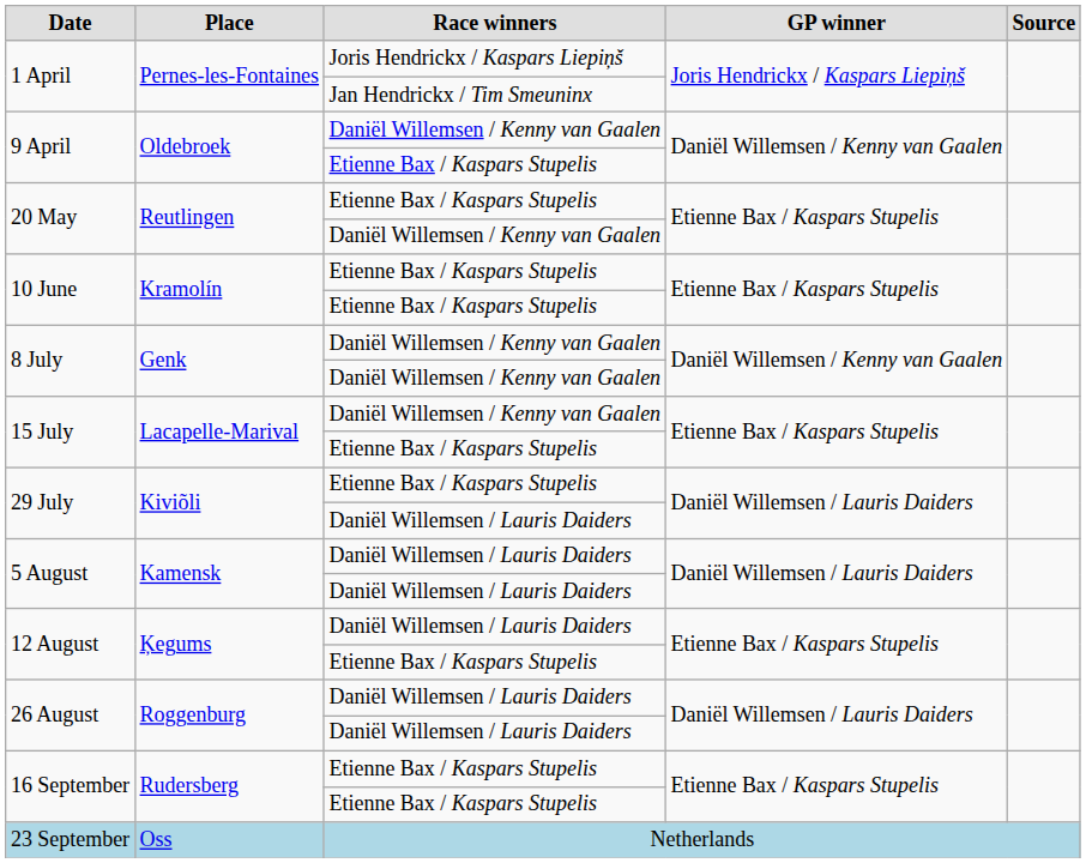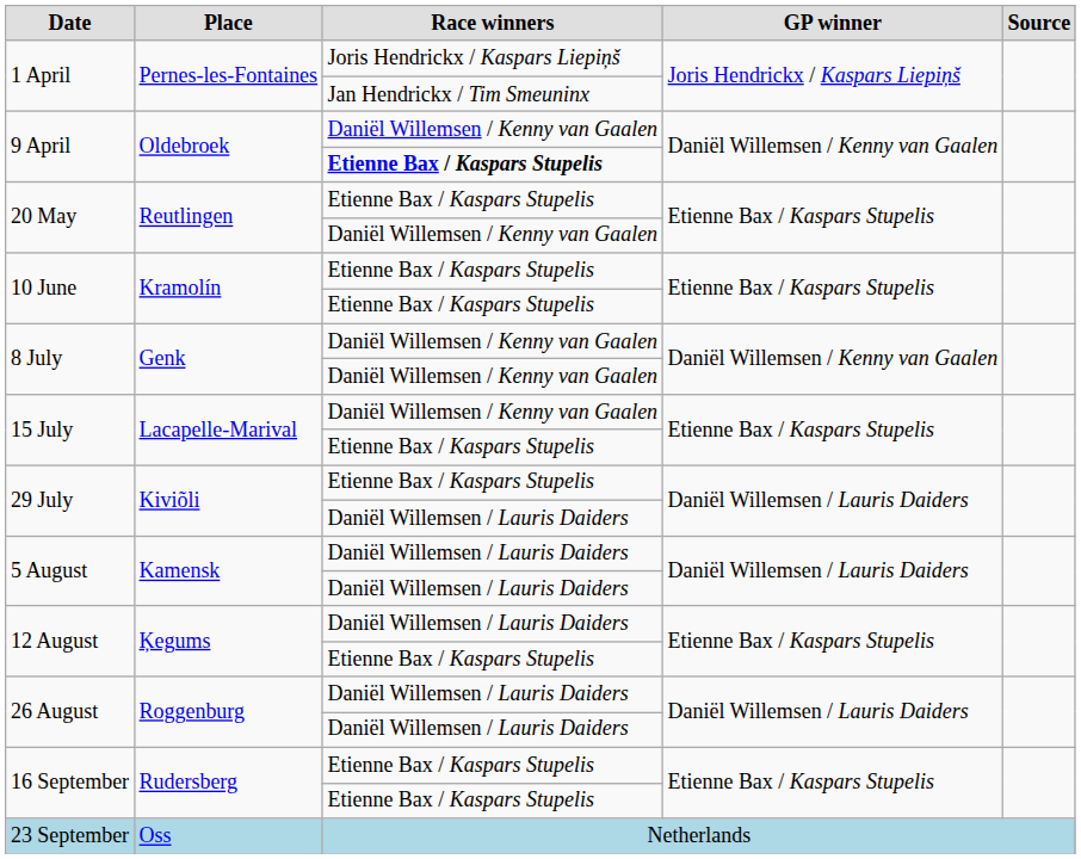 <table class="wikitable" style="font-size: 85%;">
 <tr align="center" style="background:#dfdfdf;">
 <td><strong>Date</strong></td>
 <td><strong>Place</strong></td>
 <td><strong>Race winners</strong></td>
 <td><strong>GP winner</strong></td>
 <td><strong>Source</strong></td>
 </tr>
 <tr>
 <td rowspan=2>1 April</td>
 <td rowspan=2> <a href='#'>Pernes-les-Fontaines</a></td>
 <td> Joris Hendrickx / <em>Kaspars Liepiņš</em></td>
 <td rowspan=2> <a href='#'>Joris Hendrickx</a> / <em><a href='#'>Kaspars Liepiņš</a></em></td>
 <td rowspan=2></td>
 </tr>
 <tr>
 <td> Jan Hendrickx / <em>Tim Smeuninx</em></td>
 </tr>
 <tr>
 <td rowspan=2>9 April</td>
 <td rowspan=2> <a href='#'>Oldebroek</a></td>
 <td> <a href='#'>Daniël Willemsen</a> / <em>Kenny van Gaalen</em></td>
 <td rowspan=2> Daniël Willemsen / <em>Kenny van Gaalen</em></td>
 <td rowspan=2></td>
 </tr>
 <tr>
-<td> <a href='#'>Etienne Bax</a> / <em>Kaspars Stupelis</em></td>
+<td><strong> <a href='#'>Etienne Bax</a> / <em>Kaspars Stupelis</em></strong></td>
 </tr>
 <tr>
 <td rowspan=2>20 May</td>
 <td rowspan=2> <a href='#'>Reutlingen</a></td>
 <td> Etienne Bax / <em>Kaspars Stupelis</em></td>
 <td rowspan=2> Etienne Bax / <em>Kaspars Stupelis</em></td>
 <td rowspan=2></td>
 </tr>
 <tr>
 <td> Daniël Willemsen / <em>Kenny van Gaalen</em></td>
 </tr>
 <tr>
 <td rowspan=2>10 June</td>
 <td rowspan=2> <a href='#'>Kramolín</a></td>
 <td> Etienne Bax / <em>Kaspars Stupelis</em></td>
 <td rowspan=2> Etienne Bax / <em>Kaspars Stupelis</em></td>
 <td rowspan=2></td>
 </tr>
 <tr>
 <td> Etienne Bax / <em>Kaspars Stupelis</em></td>
 </tr>
 <tr>
 <td rowspan=2>8 July</td>
 <td rowspan=2> <a href='#'>Genk</a></td>
 <td> Daniël Willemsen / <em>Kenny van Gaalen</em></td>
 <td rowspan=2> Daniël Willemsen / <em>Kenny van Gaalen</em></td>
 <td rowspan=2></td>
 </tr>
 <tr>
 <td> Daniël Willemsen / <em>Kenny van Gaalen</em></td>
 </tr>
 <tr>
 <td rowspan=2>15 July</td>
 <td rowspan=2> <a href='#'>Lacapelle-Marival</a></td>
 <td> Daniël Willemsen / <em>Kenny van Gaalen</em></td>
 <td rowspan=2> Etienne Bax / <em>Kaspars Stupelis</em></td>
 <td rowspan=2></td>
 </tr>
 <tr>
 <td> Etienne Bax / <em>Kaspars Stupelis</em></td>
 </tr>
 <tr>
 <td rowspan=2>29 July</td>
 <td rowspan=2> <a href='#'>Kiviõli</a></td>
 <td> Etienne Bax / <em>Kaspars Stupelis</em></td>
 <td rowspan=2> Daniël Willemsen / <em>Lauris Daiders</em></td>
 <td rowspan=2></td>
 </tr>
 <tr>
 <td> Daniël Willemsen / <em>Lauris Daiders</em></td>
 </tr>
 <tr>
 <td rowspan=2>5 August</td>
 <td rowspan=2> <a href='#'>Kamensk</a></td>
 <td> Daniël Willemsen / <em>Lauris Daiders</em></td>
 <td rowspan=2> Daniël Willemsen / <em>Lauris Daiders</em></td>
 <td rowspan=2></td>
 </tr>
 <tr>
 <td> Daniël Willemsen / <em>Lauris Daiders</em></td>
 </tr>
 <tr>
 <td rowspan=2>12 August</td>
 <td rowspan=2> <a href='#'>Ķegums</a></td>
 <td> Daniël Willemsen / <em>Lauris Daiders</em></td>
 <td rowspan=2> Etienne Bax / <em>Kaspars Stupelis</em></td>
 <td rowspan=2></td>
 </tr>
 <tr>
 <td> Etienne Bax / <em>Kaspars Stupelis</em></td>
 </tr>
 <tr>
 <td rowspan=2>26 August</td>
 <td rowspan=2> <a href='#'>Roggenburg</a></td>
 <td> Daniël Willemsen / <em>Lauris Daiders</em></td>
 <td rowspan=2> Daniël Willemsen / <em>Lauris Daiders</em></td>
 <td rowspan=2></td>
 </tr>
 <tr>
 <td> Daniël Willemsen / <em>Lauris Daiders</em></td>
 </tr>
 <tr>
 <td rowspan=2>16 September</td>
 <td rowspan=2> <a href='#'>Rudersberg</a></td>
 <td> Etienne Bax / <em>Kaspars Stupelis</em></td>
 <td rowspan=2> Etienne Bax / <em>Kaspars Stupelis</em></td>
 <td rowspan=2></td>
 </tr>
 <tr>
 <td> Etienne Bax / <em>Kaspars Stupelis</em></td>
 </tr>
 <tr style="background:lightblue;">
 <td rowspan=2>23 September</td>
 <td rowspan=2> <a href='#'>Oss</a></td>
 <td colspan=3 align="center"> Netherlands</td>
 </tr>
 </table>
